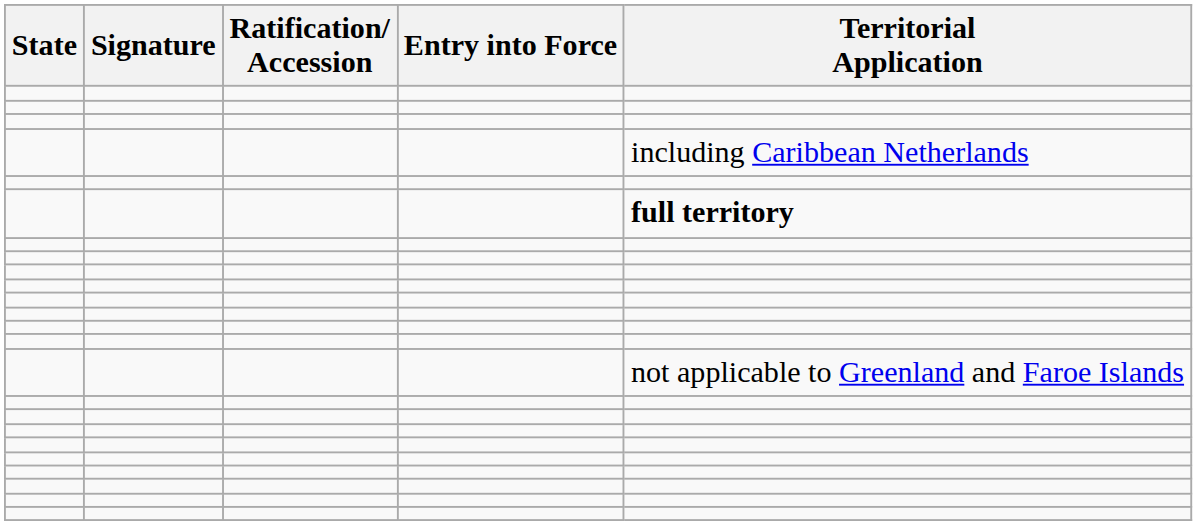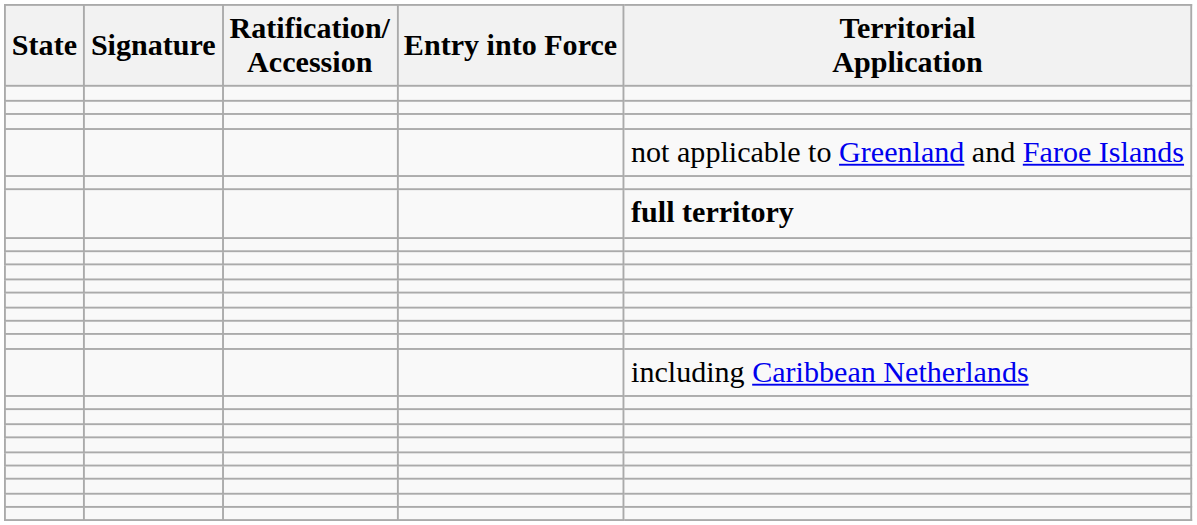 <table class="wikitable sortable">
 <tr>
 <th>State</th>
 <th>Signature</th>
 <th>Ratification/<br>Accession </th>
 <th>Entry into Force</th>
 <th>Territorial<br>Application</th>
 </tr>
 <tr>
 <td></td>
 <td></td>
 <td></td>
 <td></td>
 <td></td>
 </tr>
 <tr>
 <td></td>
 <td></td>
 <td></td>
 <td></td>
 <td></td>
 </tr>
 <tr>
 <td></td>
 <td></td>
 <td></td>
 <td></td>
 <td></td>
 </tr>
 <tr>
 <td></td>
 <td></td>
 <td></td>
 <td></td>
-<td>including <a href='#'>Caribbean Netherlands</a></td>
+<td>not applicable to <a href='#'>Greenland</a> and <a href='#'>Faroe Islands</a></td>
 </tr>
 <tr>
 <td></td>
 <td></td>
 <td></td>
 <td></td>
 <td></td>
 </tr>
 <tr>
 <td></td>
 <td></td>
 <td></td>
 <td></td>
 <td><strong>full territory</strong></td>
 </tr>
 <tr>
 <td></td>
 <td></td>
 <td></td>
 <td></td>
 <td></td>
 </tr>
 <tr>
 <td></td>
 <td></td>
 <td></td>
 <td></td>
 <td></td>
 </tr>
 <tr>
 <td></td>
 <td></td>
 <td></td>
 <td></td>
 <td></td>
 </tr>
 <tr>
 <td></td>
 <td></td>
 <td></td>
 <td></td>
 <td></td>
 </tr>
 <tr>
 <td></td>
 <td></td>
 <td></td>
 <td></td>
 <td></td>
 </tr>
 <tr>
 <td></td>
 <td></td>
 <td></td>
 <td></td>
 <td></td>
 </tr>
 <tr>
 <td></td>
 <td></td>
 <td></td>
 <td></td>
 <td></td>
 </tr>
 <tr>
 <td></td>
 <td></td>
 <td></td>
 <td></td>
 <td></td>
 </tr>
 <tr>
 <td></td>
 <td></td>
 <td></td>
 <td></td>
-<td>not applicable to <a href='#'>Greenland</a> and <a href='#'>Faroe Islands</a></td>
+<td>including <a href='#'>Caribbean Netherlands</a></td>
 </tr>
 <tr>
 <td></td>
 <td></td>
 <td></td>
 <td></td>
 <td></td>
 </tr>
 <tr>
 <td></td>
 <td></td>
 <td></td>
 <td></td>
 <td></td>
 </tr>
 <tr>
 <td></td>
 <td></td>
 <td></td>
 <td></td>
 <td></td>
 </tr>
 <tr>
 <td></td>
 <td></td>
 <td></td>
 <td></td>
 <td></td>
 </tr>
 <tr>
 <td></td>
 <td></td>
 <td></td>
 <td></td>
 <td></td>
 </tr>
 <tr>
 <td></td>
 <td></td>
 <td></td>
 <td></td>
 <td></td>
 </tr>
 <tr>
 <td></td>
 <td></td>
 <td></td>
 <td></td>
 <td></td>
 </tr>
 <tr>
 <td></td>
 <td></td>
 <td></td>
 <td></td>
 <td></td>
 </tr>
 <tr>
 <td></td>
 <td></td>
 <td></td>
 <td></td>
 <td></td>
 </tr>
 </table>
